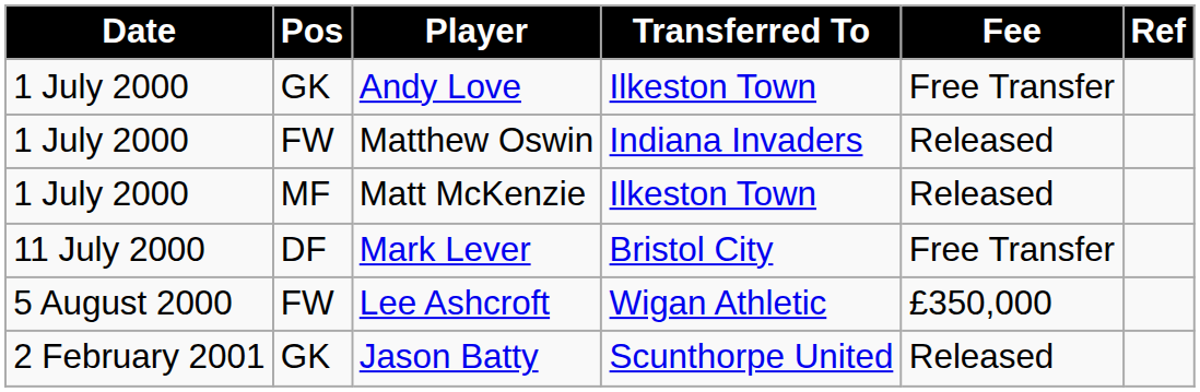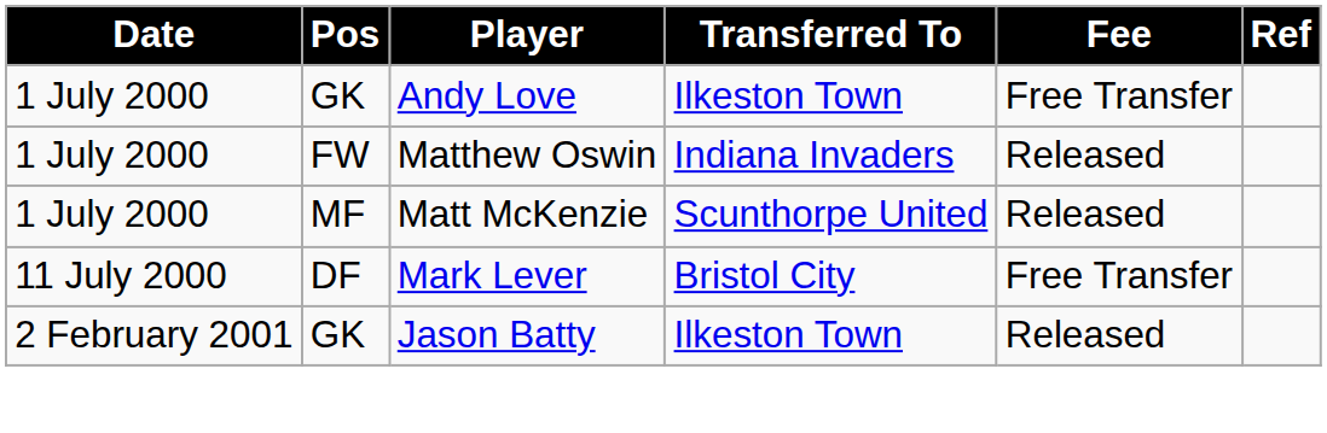 <table class="wikitable plainrowheaders sortable">
 <tr>
 <th style="background:#000000; color:#FFFFFF; ">Date</th>
 <th style="background:#000000; color:#FFFFff; ">Pos</th>
 <th style="background:#000000; color:#FFFFff; ">Player</th>
 <th style="background:#000000; color:#FFFFff; ">Transferred To</th>
 <th style="background:#000000; color:#FFFFff; ">Fee</th>
 <th style="background:#000000; color:#FFFFff; ">Ref</th>
 </tr>
 <tr>
 <td>1 July 2000</td>
 <td>GK</td>
 <td> <a href='#'>Andy Love</a></td>
 <td> <a href='#'>Ilkeston Town</a></td>
 <td>Free Transfer</td>
 <td></td>
 </tr>
 <tr>
 <td>1 July 2000</td>
 <td>FW</td>
 <td> Matthew Oswin</td>
 <td> <a href='#'>Indiana Invaders</a></td>
 <td>Released</td>
 <td></td>
 </tr>
 <tr>
 <td>1 July 2000</td>
 <td>MF</td>
 <td> Matt McKenzie</td>
-<td> <a href='#'>Ilkeston Town</a></td>
+<td> <a href='#'>Scunthorpe United</a></td>
 <td>Released</td>
 <td></td>
 </tr>
 <tr>
 <td>11 July 2000</td>
 <td>DF</td>
 <td> <a href='#'>Mark Lever</a></td>
 <td> <a href='#'>Bristol City</a></td>
 <td>Free Transfer</td>
 <td></td>
 </tr>
 <tr>
-<td>5 August 2000</td>
-<td>FW</td>
-<td> <a href='#'>Lee Ashcroft</a></td>
-<td> <a href='#'>Wigan Athletic</a></td>
-<td>£350,000</td>
-<td></td>
-</tr>
-<tr>
 <td>2 February 2001</td>
 <td>GK</td>
 <td> <a href='#'>Jason Batty</a></td>
-<td> <a href='#'>Scunthorpe United</a></td>
+<td> <a href='#'>Ilkeston Town</a></td>
 <td>Released</td>
 <td></td>
 </tr>
 </table>
